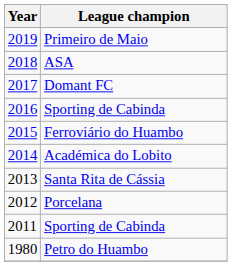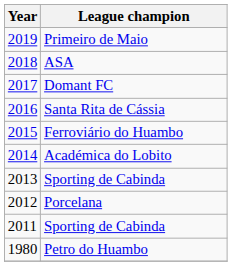 <table class="wikitable">
 <tr>
 <th width=25>Year</th>
 <th width=195>League champion</th>
 </tr>
 <tr>
 <td><a href='#'>2019</a></td>
 <td><a href='#'>Primeiro de Maio</a></td>
 </tr>
 <tr>
 <td><a href='#'>2018</a></td>
 <td><a href='#'>ASA</a></td>
 </tr>
 <tr>
 <td><a href='#'>2017</a></td>
 <td><a href='#'>Domant FC</a></td>
 </tr>
 <tr>
 <td><a href='#'>2016</a></td>
-<td><a href='#'>Sporting de Cabinda</a></td>
+<td><a href='#'>Santa Rita de Cássia</a></td>
 </tr>
 <tr>
 <td><a href='#'>2015</a></td>
 <td><a href='#'>Ferroviário do Huambo</a></td>
 </tr>
 <tr>
 <td><a href='#'>2014</a></td>
 <td><a href='#'>Académica do Lobito</a></td>
 </tr>
 <tr>
 <td>2013</td>
-<td><a href='#'>Santa Rita de Cássia</a></td>
+<td><a href='#'>Sporting de Cabinda</a></td>
 </tr>
 <tr>
 <td>2012</td>
 <td><a href='#'>Porcelana</a></td>
 </tr>
 <tr>
 <td>2011</td>
 <td><a href='#'>Sporting de Cabinda</a></td>
 </tr>
 <tr>
 <td>1980</td>
 <td><a href='#'>Petro do Huambo</a></td>
 </tr>
 <tr>
 </tr>
 </table>
